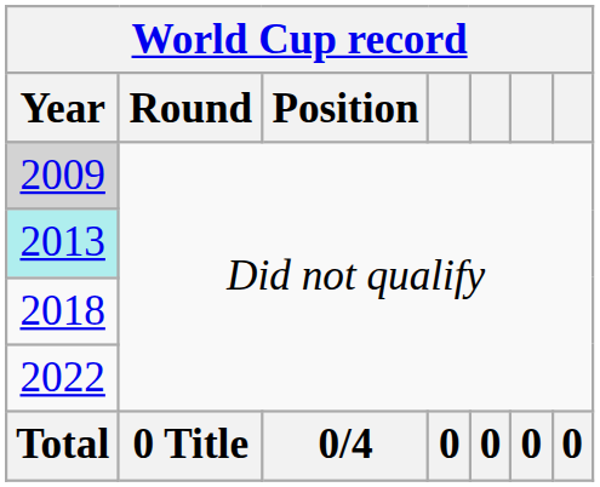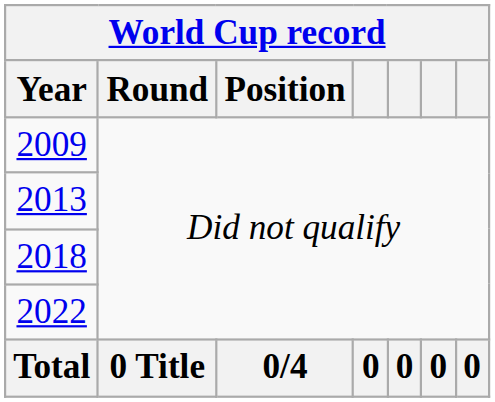 <table class="wikitable" style="text-align: center;">
 <tr>
 <th colspan=7><a href='#'>World Cup record</a></th>
 </tr>
 <tr>
 <th>Year</th>
 <th>Round</th>
 <th>Position</th>
 <th></th>
 <th></th>
 <th></th>
 <th></th>
 </tr>
 <tr>
-<td style="background: lightgrey;"> <a href='#'>2009</a></td>
+<td> <a href='#'>2009</a></td>
 <td rowspan=4 colspan=6 align=center><em>Did not qualify</em></td>
 </tr>
 <tr>
-<td style="background: paleturquoise;"> <a href='#'>2013</a></td>
+<td> <a href='#'>2013</a></td>
 </tr>
 <tr>
 <td> <a href='#'>2018</a></td>
 </tr>
 <tr>
 <td> <a href='#'>2022</a></td>
 </tr>
 <tr>
 <th>Total</th>
 <th>0 Title</th>
 <th>0/4</th>
 <th>0</th>
 <th>0</th>
 <th>0</th>
 <th>0</th>
 </tr>
 </table>
